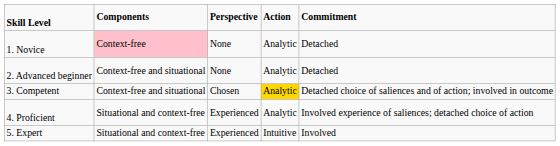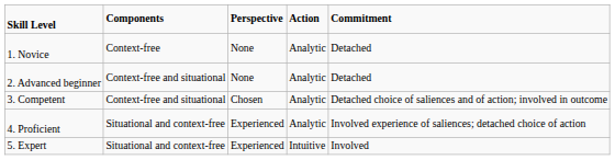 <table class="wikitable">
 <tr>
 <td><br><strong>Skill Level</strong></td>
 <td><strong>Components</strong></td>
 <td><strong>Perspective</strong></td>
 <td><strong>Action</strong></td>
 <td><strong>Commitment</strong></td>
 </tr>
 <tr>
 <td><br>1. Novice</td>
-<td style="background: pink;">Context-free</td>
+<td>Context-free</td>
 <td>None</td>
 <td>Analytic</td>
 <td>Detached</td>
 </tr>
 <tr>
 <td><br>2. Advanced beginner</td>
 <td>Context-free and situational</td>
 <td>None</td>
 <td>Analytic</td>
 <td>Detached</td>
 </tr>
 <tr>
 <td>3. Competent</td>
 <td>Context-free and situational</td>
 <td>Chosen</td>
-<td style="background: gold;">Analytic</td>
+<td>Analytic</td>
 <td>Detached choice of saliences and of action; involved in outcome</td>
 </tr>
 <tr>
 <td><br>4. Proficient</td>
 <td>Situational and context-free</td>
 <td>Experienced</td>
 <td>Analytic</td>
 <td>Involved experience of saliences; detached choice of action</td>
 </tr>
 <tr>
 <td>5. Expert</td>
 <td>Situational and context-free</td>
 <td>Experienced</td>
 <td>Intuitive</td>
 <td>Involved</td>
 </tr>
 </table>
